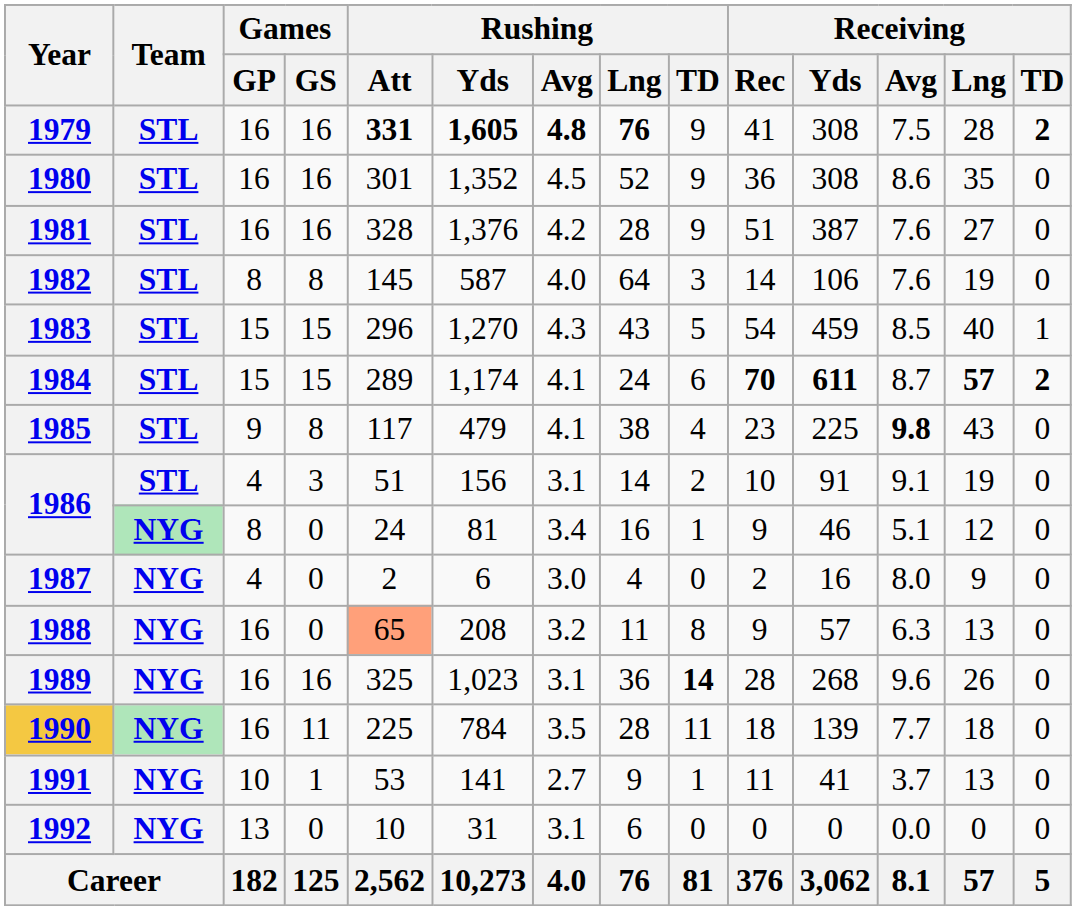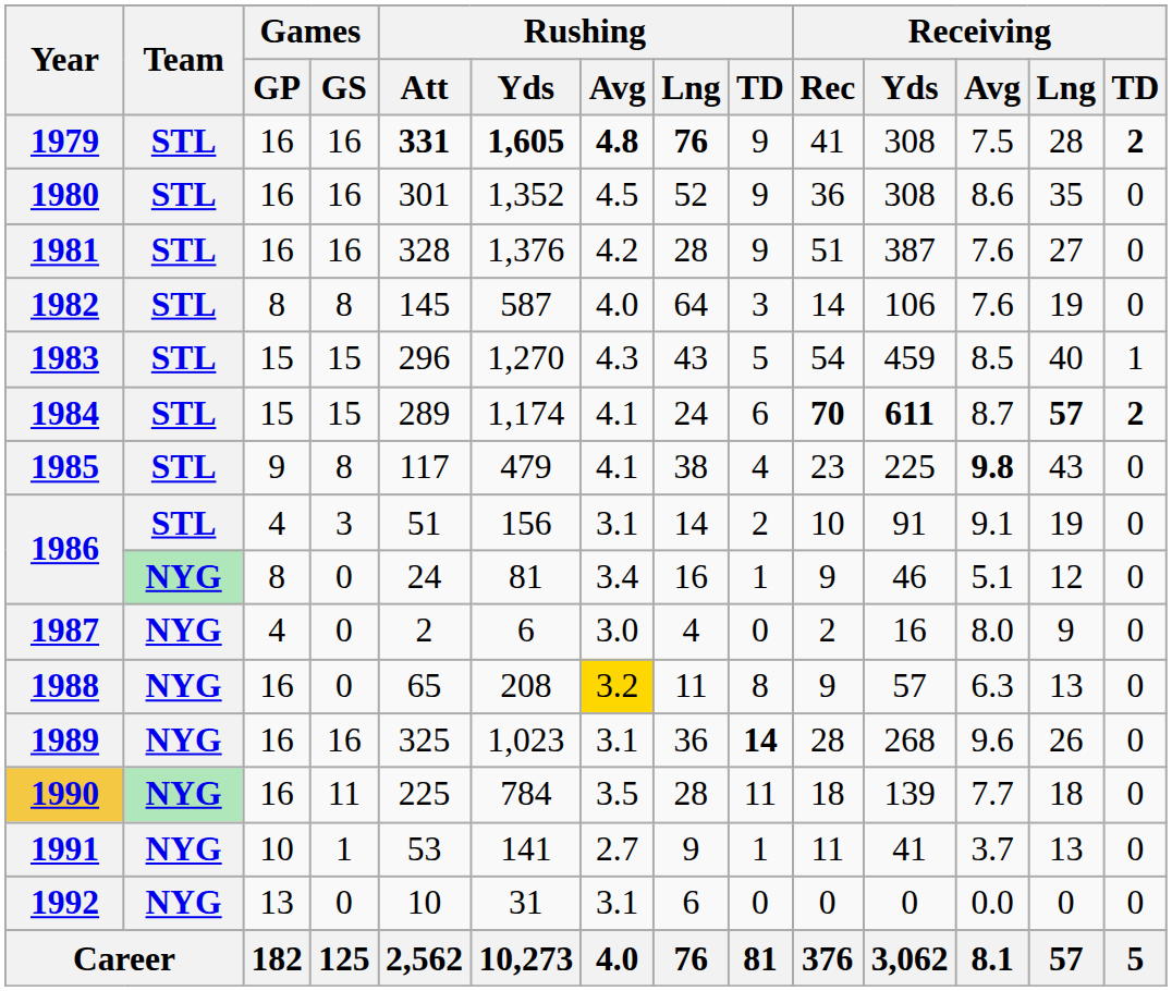 <table class=wikitable style="text-align:center;">
 <tr>
 <th rowspan="2">Year</th>
 <th rowspan="2">Team</th>
 <th colspan="2">Games</th>
 <th colspan="5">Rushing</th>
 <th colspan="5">Receiving</th>
 </tr>
 <tr>
 <th>GP</th>
 <th>GS</th>
 <th>Att</th>
 <th>Yds</th>
 <th>Avg</th>
 <th>Lng</th>
 <th>TD</th>
 <th>Rec</th>
 <th>Yds</th>
 <th>Avg</th>
 <th>Lng</th>
 <th>TD</th>
 </tr>
 <tr>
 <th><a href='#'>1979</a></th>
 <th><a href='#'>STL</a></th>
 <td>16</td>
 <td>16</td>
 <td><strong>331</strong></td>
 <td><strong>1,605</strong></td>
 <td><strong>4.8</strong></td>
 <td><strong>76</strong></td>
 <td>9</td>
 <td>41</td>
 <td>308</td>
 <td>7.5</td>
 <td>28</td>
 <td><strong>2</strong></td>
 </tr>
 <tr>
 <th><a href='#'>1980</a></th>
 <th><a href='#'>STL</a></th>
 <td>16</td>
 <td>16</td>
 <td>301</td>
 <td>1,352</td>
 <td>4.5</td>
 <td>52</td>
 <td>9</td>
 <td>36</td>
 <td>308</td>
 <td>8.6</td>
 <td>35</td>
 <td>0</td>
 </tr>
 <tr>
 <th><a href='#'>1981</a></th>
 <th><a href='#'>STL</a></th>
 <td>16</td>
 <td>16</td>
 <td>328</td>
 <td>1,376</td>
 <td>4.2</td>
 <td>28</td>
 <td>9</td>
 <td>51</td>
 <td>387</td>
 <td>7.6</td>
 <td>27</td>
 <td>0</td>
 </tr>
 <tr>
 <th><a href='#'>1982</a></th>
 <th><a href='#'>STL</a></th>
 <td>8</td>
 <td>8</td>
 <td>145</td>
 <td>587</td>
 <td>4.0</td>
 <td>64</td>
 <td>3</td>
 <td>14</td>
 <td>106</td>
 <td>7.6</td>
 <td>19</td>
 <td>0</td>
 </tr>
 <tr>
 <th><a href='#'>1983</a></th>
 <th><a href='#'>STL</a></th>
 <td>15</td>
 <td>15</td>
 <td>296</td>
 <td>1,270</td>
 <td>4.3</td>
 <td>43</td>
 <td>5</td>
 <td>54</td>
 <td>459</td>
 <td>8.5</td>
 <td>40</td>
 <td>1</td>
 </tr>
 <tr>
 <th><a href='#'>1984</a></th>
 <th><a href='#'>STL</a></th>
 <td>15</td>
 <td>15</td>
 <td>289</td>
 <td>1,174</td>
 <td>4.1</td>
 <td>24</td>
 <td>6</td>
 <td><strong>70</strong></td>
 <td><strong>611</strong></td>
 <td>8.7</td>
 <td><strong>57</strong></td>
 <td><strong>2</strong></td>
 </tr>
 <tr>
 <th><a href='#'>1985</a></th>
 <th><a href='#'>STL</a></th>
 <td>9</td>
 <td>8</td>
 <td>117</td>
 <td>479</td>
 <td>4.1</td>
 <td>38</td>
 <td>4</td>
 <td>23</td>
 <td>225</td>
 <td><strong>9.8</strong></td>
 <td>43</td>
 <td>0</td>
 </tr>
 <tr>
 <th rowspan="2"><a href='#'>1986</a></th>
 <th><a href='#'>STL</a></th>
 <td>4</td>
 <td>3</td>
 <td>51</td>
 <td>156</td>
 <td>3.1</td>
 <td>14</td>
 <td>2</td>
 <td>10</td>
 <td>91</td>
 <td>9.1</td>
 <td>19</td>
 <td>0</td>
 </tr>
 <tr>
 <th style="background:#afe6ba; width:3em;"><a href='#'>NYG</a></th>
 <td>8</td>
 <td>0</td>
 <td>24</td>
 <td>81</td>
 <td>3.4</td>
 <td>16</td>
 <td>1</td>
 <td>9</td>
 <td>46</td>
 <td>5.1</td>
 <td>12</td>
 <td>0</td>
 </tr>
 <tr>
 <th><a href='#'>1987</a></th>
 <th><a href='#'>NYG</a></th>
 <td>4</td>
 <td>0</td>
 <td>2</td>
 <td>6</td>
 <td>3.0</td>
 <td>4</td>
 <td>0</td>
 <td>2</td>
 <td>16</td>
 <td>8.0</td>
 <td>9</td>
 <td>0</td>
 </tr>
 <tr>
 <th><a href='#'>1988</a></th>
 <th><a href='#'>NYG</a></th>
 <td>16</td>
 <td>0</td>
-<td style="background: lightsalmon;">65</td>
+<td>65</td>
 <td>208</td>
-<td>3.2</td>
+<td style="background: gold;">3.2</td>
 <td>11</td>
 <td>8</td>
 <td>9</td>
 <td>57</td>
 <td>6.3</td>
 <td>13</td>
 <td>0</td>
 </tr>
 <tr>
 <th><a href='#'>1989</a></th>
 <th><a href='#'>NYG</a></th>
 <td>16</td>
 <td>16</td>
 <td>325</td>
 <td>1,023</td>
 <td>3.1</td>
 <td>36</td>
 <td><strong>14</strong></td>
 <td>28</td>
 <td>268</td>
 <td>9.6</td>
 <td>26</td>
 <td>0</td>
 </tr>
 <tr>
 <th style="background:#f4c842; width:3em;"><a href='#'>1990</a></th>
 <th style="background:#afe6ba; width:3em;"><a href='#'>NYG</a></th>
 <td>16</td>
 <td>11</td>
 <td>225</td>
 <td>784</td>
 <td>3.5</td>
 <td>28</td>
 <td>11</td>
 <td>18</td>
 <td>139</td>
 <td>7.7</td>
 <td>18</td>
 <td>0</td>
 </tr>
 <tr>
 <th><a href='#'>1991</a></th>
 <th><a href='#'>NYG</a></th>
 <td>10</td>
 <td>1</td>
 <td>53</td>
 <td>141</td>
 <td>2.7</td>
 <td>9</td>
 <td>1</td>
 <td>11</td>
 <td>41</td>
 <td>3.7</td>
 <td>13</td>
 <td>0</td>
 </tr>
 <tr>
 <th><a href='#'>1992</a></th>
 <th><a href='#'>NYG</a></th>
 <td>13</td>
 <td>0</td>
 <td>10</td>
 <td>31</td>
 <td>3.1</td>
 <td>6</td>
 <td>0</td>
 <td>0</td>
 <td>0</td>
 <td>0.0</td>
 <td>0</td>
 <td>0</td>
 </tr>
 <tr>
 <th colspan="2">Career</th>
 <th>182</th>
 <th>125</th>
 <th>2,562</th>
 <th>10,273</th>
 <th>4.0</th>
 <th>76</th>
 <th>81</th>
 <th>376</th>
 <th>3,062</th>
 <th>8.1</th>
 <th>57</th>
 <th>5</th>
 </tr>
 </table>
